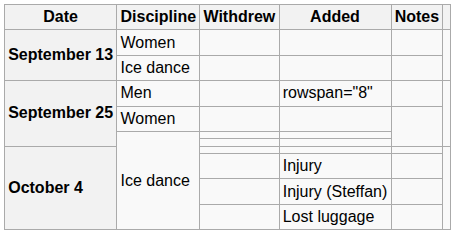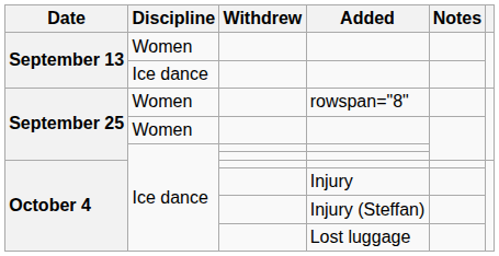 <table class="wikitable unsortable">
 <tr>
 <th scope="col">Date</th>
 <th scope="col">Discipline</th>
 <th scope="col">Withdrew</th>
 <th scope="col">Added</th>
 <th scope="col">Notes</th>
 <th scope="col"></th>
 </tr>
 <tr>
 <th rowspan="2" scope="row" style="text-align:left">September 13</th>
 <td>Women</td>
 <td></td>
 <td></td>
 <td></td>
 <td rowspan="2"></td>
 </tr>
 <tr>
 <td>Ice dance</td>
 <td></td>
 <td></td>
 <td></td>
 </tr>
 <tr>
 <th rowspan="4" scope="row" style="text-align:left">September 25</th>
-<td>Men</td>
+<td>Women</td>
 <td></td>
 <td>rowspan="8" </td>
 <td></td>
 <td rowspan="4"></td>
 </tr>
 <tr>
 <td>Women</td>
 <td></td>
 <td></td>
 </tr>
 <tr>
 <td rowspan="6">Ice dance</td>
 <td></td>
 <td></td>
 </tr>
 <tr>
 <td></td>
 <td></td>
 </tr>
 <tr>
 <th rowspan="4" scope="row" style="text-align:left">October 4</th>
 <td></td>
 <td></td>
 <td></td>
 </tr>
 <tr>
 <td></td>
 <td>Injury</td>
 <td></td>
 </tr>
 <tr>
 <td></td>
 <td>Injury (Steffan)</td>
 <td></td>
 </tr>
 <tr>
 <td></td>
 <td>Lost luggage</td>
 <td></td>
 </tr>
 </table>
